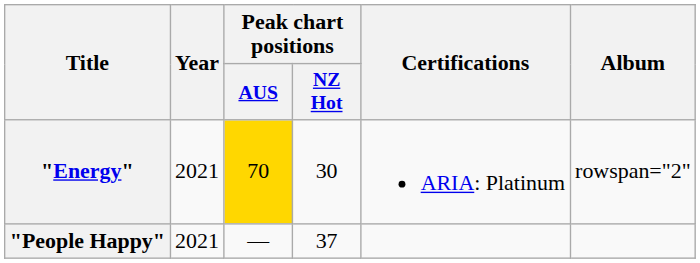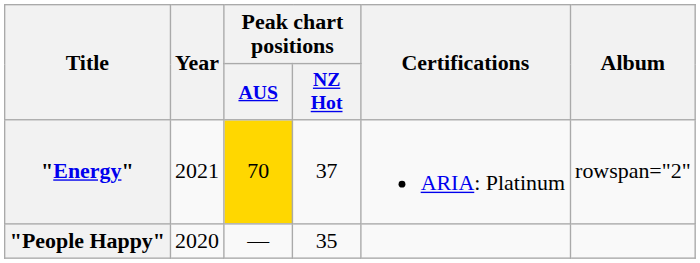 <table class="wikitable plainrowheaders" style="text-align:center;">
 <tr>
 <th scope="col" rowspan="2">Title</th>
 <th scope="col" rowspan="2">Year</th>
 <th scope="col" colspan="2">Peak chart positions</th>
 <th scope="col" rowspan="2">Certifications</th>
 <th scope="col" rowspan="2">Album</th>
 </tr>
 <tr>
 <th scope="col" style="width:3em;font-size:90%;"><a href='#'>AUS</a><br></th>
 <th scope="col" style="width:3em;font-size:90%;"><a href='#'>NZ<br>Hot</a><br></th>
 </tr>
 <tr>
 <th scope="row">"<a href='#'>Energy</a>"<br></th>
 <td>2021</td>
 <td style="background: gold;">70</td>
-<td>30</td>
+<td>37</td>
 <td><br><ul><li><a href='#'>ARIA</a>: Platinum</li></ul></td>
 <td>rowspan="2" </td>
 </tr>
 <tr>
 <th scope="row">"People Happy"<br></th>
-<td>2021</td>
+<td>2020</td>
 <td>—</td>
-<td>37</td>
+<td>35</td>
 <td></td>
 </tr>
 </table>
